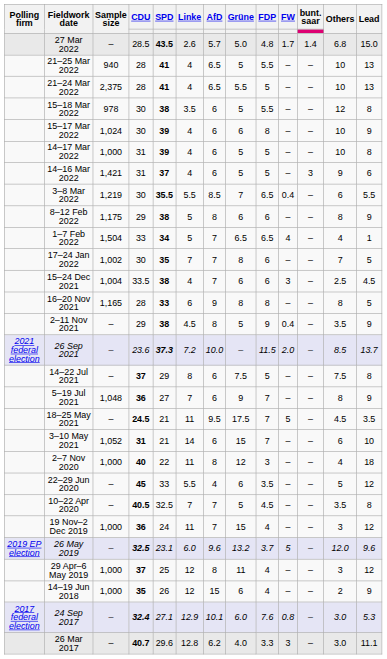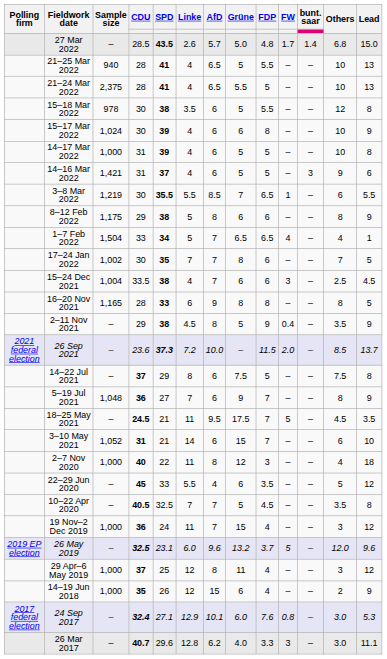 <table class="wikitable sortable" style="text-align:center;font-size:90%;line-height:14px;">
 <tr style="height:40px;">
 <th style="width:160px;" rowspan="2">Polling firm</th>
 <th style="width:125px;" rowspan="2">Fieldwork date</th>
 <th style="width:35px;" rowspan="2">Sample<br>size</th>
 <th class="unsortable" style="width:40px;"><a href='#'>CDU</a></th>
 <th class="unsortable" style="width:40px;"><a href='#'>SPD</a></th>
 <th class="unsortable" style="width:40px;"><a href='#'>Linke</a></th>
 <th class="unsortable" style="width:40px;"><a href='#'>AfD</a></th>
 <th class="unsortable" style="width:40px;"><a href='#'>Grüne</a></th>
 <th class="unsortable" style="width:40px;"><a href='#'>FDP</a></th>
 <th class="unsortable" style="width:40px;"><a href='#'>FW</a></th>
 <th class="unsortable" style="width:40px;">bunt.<br>saar</th>
 <th class="unsortable" style="width:40px;" rowspan="2">Others</th>
 <th style="width:30px;" rowspan="2">Lead</th>
 </tr>
 <tr>
 <th style="background:"></th>
 <th style="background:"></th>
 <th style="background:"></th>
 <th style="background:"></th>
 <th style="background:"></th>
 <th style="background:"></th>
 <th style="background:"></th>
 <th style="background:#dd0072;"></th>
 </tr>
 <tr style="background:#E9E9E9;">
 <td></td>
 <td data-sort-value="2022-03-27">27 Mar 2022</td>
 <td>–</td>
 <td>28.5</td>
 <td><strong>43.5</strong></td>
 <td>2.6</td>
 <td>5.7</td>
 <td>5.0</td>
 <td>4.8</td>
 <td>1.7</td>
 <td>1.4</td>
 <td>6.8</td>
 <td style="background:">15.0</td>
 </tr>
 <tr>
 <td></td>
 <td data-sort-value="2022-03-25">21–25 Mar 2022</td>
 <td>940</td>
 <td>28</td>
 <td><strong>41</strong></td>
 <td>4</td>
 <td>6.5</td>
 <td>5</td>
 <td>5.5</td>
 <td>–</td>
 <td>–</td>
 <td>10</td>
 <td style="background:">13</td>
 </tr>
 <tr>
 <td></td>
 <td data-sort-value="2022-03-24">21–24 Mar 2022</td>
 <td>2,375</td>
 <td>28</td>
 <td><strong>41</strong></td>
 <td>4</td>
 <td>6.5</td>
 <td>5.5</td>
 <td>5</td>
 <td>–</td>
 <td>–</td>
 <td>10</td>
 <td style="background:">13</td>
 </tr>
 <tr>
 <td></td>
 <td data-sort-value="2022-03-18">15–18 Mar 2022</td>
 <td>978</td>
 <td>30</td>
 <td><strong>38</strong></td>
 <td>3.5</td>
 <td>6</td>
 <td>5</td>
 <td>5.5</td>
 <td>–</td>
 <td>–</td>
 <td>12</td>
 <td style="background:">8</td>
 </tr>
 <tr>
 <td></td>
 <td data-sort-value="2022-03-17">15–17 Mar 2022</td>
 <td>1,024</td>
 <td>30</td>
 <td><strong>39</strong></td>
 <td>4</td>
 <td>6</td>
 <td>6</td>
 <td>8</td>
 <td>–</td>
 <td>–</td>
 <td>10</td>
 <td style="background:">9</td>
 </tr>
 <tr>
 <td></td>
 <td data-sort-value="2022-03-17">14–17 Mar 2022</td>
 <td>1,000</td>
 <td>31</td>
 <td><strong>39</strong></td>
 <td>4</td>
 <td>6</td>
 <td>5</td>
 <td>5</td>
 <td>–</td>
 <td>–</td>
 <td>10</td>
 <td style="background:">8</td>
 </tr>
 <tr>
 <td></td>
 <td data-sort-value="2022-03-16">14–16 Mar 2022</td>
 <td>1,421</td>
 <td>31</td>
 <td><strong>37</strong></td>
 <td>4</td>
 <td>6</td>
 <td>5</td>
 <td>5</td>
 <td>–</td>
 <td>3</td>
 <td>9</td>
 <td style="background:">6</td>
 </tr>
 <tr>
 <td></td>
 <td data-sort-value="2022-03-08">3–8 Mar 2022</td>
 <td>1,219</td>
 <td>30</td>
 <td><strong>35.5</strong></td>
 <td>5.5</td>
 <td>8.5</td>
 <td>7</td>
 <td>6.5</td>
-<td>0.4</td>
+<td>1</td>
 <td>–</td>
 <td>6</td>
 <td style="background:">5.5</td>
 </tr>
 <tr>
 <td></td>
 <td data-sort-value="2022-02-12">8–12 Feb 2022</td>
 <td>1,175</td>
 <td>29</td>
 <td><strong>38</strong></td>
 <td>5</td>
 <td>8</td>
 <td>6</td>
 <td>6</td>
 <td>–</td>
 <td>–</td>
 <td>8</td>
 <td style="background:">9</td>
 </tr>
 <tr>
 <td></td>
 <td data-sort-value="2022-02-07">1–7 Feb 2022</td>
 <td>1,504</td>
 <td>33</td>
 <td><strong>34</strong></td>
 <td>5</td>
 <td>7</td>
 <td>6.5</td>
 <td>6.5</td>
 <td>4</td>
 <td>–</td>
 <td>4</td>
 <td style="background:">1</td>
 </tr>
 <tr>
 <td></td>
 <td data-sort-value="2022-01-24">17–24 Jan 2022</td>
 <td>1,002</td>
 <td>30</td>
 <td><strong>35</strong></td>
 <td>7</td>
 <td>7</td>
 <td>8</td>
 <td>6</td>
 <td>–</td>
 <td>–</td>
 <td>7</td>
 <td style="background:">5</td>
 </tr>
 <tr>
 <td></td>
 <td data-sort-value="2021-12-24">15–24 Dec 2021</td>
 <td>1,004</td>
 <td>33.5</td>
 <td><strong>38</strong></td>
 <td>4</td>
 <td>7</td>
 <td>6</td>
 <td>6</td>
 <td>3</td>
 <td>–</td>
 <td>2.5</td>
 <td style="background:">4.5</td>
 </tr>
 <tr>
 <td></td>
 <td data-sort-value="2021-11-20">16–20 Nov 2021</td>
 <td>1,165</td>
 <td>28</td>
 <td><strong>33</strong></td>
 <td>6</td>
 <td>9</td>
 <td>8</td>
 <td>8</td>
 <td>–</td>
 <td>–</td>
 <td>8</td>
 <td style="background:">5</td>
 </tr>
 <tr>
 <td></td>
 <td data-sort-value="2021-11-11">2–11 Nov 2021</td>
 <td>–</td>
 <td>29</td>
 <td><strong>38</strong></td>
 <td>4.5</td>
 <td>8</td>
 <td>5</td>
 <td>9</td>
 <td>0.4</td>
 <td>–</td>
 <td>3.5</td>
 <td style="background:">9</td>
 </tr>
 <tr style="background:#E5E5F5;font-style:italic;">
 <td><a href='#'>2021 federal election</a></td>
 <td data-sort-value="2021-09-26">26 Sep 2021</td>
 <td>–</td>
 <td>23.6</td>
 <td><strong>37.3</strong></td>
 <td>7.2</td>
 <td>10.0</td>
 <td>–</td>
 <td>11.5</td>
 <td>2.0</td>
 <td>–</td>
 <td>8.5</td>
 <td style="background:">13.7</td>
 </tr>
 <tr>
 <td></td>
 <td data-sort-value="2021-07-22">14–22 Jul 2021</td>
 <td>–</td>
 <td><strong>37</strong></td>
 <td>29</td>
 <td>8</td>
 <td>6</td>
 <td>7.5</td>
 <td>5</td>
 <td>–</td>
 <td>–</td>
 <td>7.5</td>
 <td style="background:">8</td>
 </tr>
 <tr>
 <td></td>
 <td data-sort-value="2021-07-21">5–19 Jul 2021</td>
 <td>1,048</td>
 <td><strong>36</strong></td>
 <td>27</td>
 <td>7</td>
 <td>6</td>
 <td>9</td>
 <td>7</td>
 <td>–</td>
 <td>–</td>
 <td>8</td>
 <td style="background:">9</td>
 </tr>
 <tr>
 <td></td>
 <td data-sort-value="2021-05-25">18–25 May 2021</td>
 <td>–</td>
 <td><strong>24.5</strong></td>
 <td>21</td>
 <td>11</td>
 <td>9.5</td>
 <td>17.5</td>
 <td>7</td>
 <td>5</td>
 <td>–</td>
 <td>4.5</td>
 <td style="background:">3.5</td>
 </tr>
 <tr>
 <td></td>
 <td data-sort-value="2021-05-11">3–10 May 2021</td>
 <td>1,052</td>
 <td><strong>31</strong></td>
 <td>21</td>
 <td>14</td>
 <td>6</td>
 <td>15</td>
 <td>7</td>
 <td>–</td>
 <td>–</td>
 <td>6</td>
 <td style="background:">10</td>
 </tr>
 <tr>
 <td></td>
 <td data-sort-value="2020-11-11">2–7 Nov 2020</td>
 <td>1,000</td>
 <td><strong>40</strong></td>
 <td>22</td>
 <td>11</td>
 <td>8</td>
 <td>12</td>
 <td>3</td>
 <td>–</td>
 <td>–</td>
 <td>4</td>
 <td style="background:">18</td>
 </tr>
 <tr>
 <td></td>
 <td data-sort-value="2020-06-29">22–29 Jun 2020</td>
 <td>–</td>
 <td><strong>45</strong></td>
 <td>33</td>
 <td>5.5</td>
 <td>4</td>
 <td>6</td>
 <td>3.5</td>
 <td>–</td>
 <td>–</td>
 <td>5</td>
 <td style="background:">12</td>
 </tr>
 <tr>
 <td></td>
 <td data-sort-value="2020-04-22">10–22 Apr 2020</td>
 <td>–</td>
 <td><strong>40.5</strong></td>
 <td>32.5</td>
 <td>7</td>
 <td>7</td>
 <td>5</td>
 <td>4.5</td>
 <td>–</td>
 <td>–</td>
 <td>3.5</td>
 <td style="background:">8</td>
 </tr>
 <tr>
 <td></td>
 <td data-sort-value="2019-12-10">19 Nov–2 Dec 2019</td>
 <td>1,000</td>
 <td><strong>36</strong></td>
 <td>24</td>
 <td>11</td>
 <td>7</td>
 <td>15</td>
 <td>4</td>
 <td>–</td>
 <td>–</td>
 <td>3</td>
 <td style="background:">12</td>
 </tr>
 <tr style="background:#E5E5F5;font-style:italic;">
 <td><a href='#'>2019 EP election</a></td>
 <td data-sort-value="2019-05-26">26 May 2019</td>
 <td>–</td>
 <td><strong>32.5</strong></td>
 <td>23.1</td>
 <td>6.0</td>
 <td>9.6</td>
 <td>13.2</td>
 <td>3.7</td>
 <td>5</td>
 <td>–</td>
 <td>12.0</td>
 <td style="background:">9.6</td>
 </tr>
 <tr>
 <td></td>
 <td data-sort-value="2019-05-08">29 Apr–6 May 2019</td>
 <td>1,000</td>
 <td><strong>37</strong></td>
 <td>25</td>
 <td>12</td>
 <td>8</td>
 <td>11</td>
 <td>4</td>
 <td>–</td>
 <td>–</td>
 <td>3</td>
 <td style="background:">12</td>
 </tr>
 <tr>
 <td></td>
 <td data-sort-value="2018-06-21">14–19 Jun 2018</td>
 <td>1,000</td>
 <td><strong>35</strong></td>
 <td>26</td>
 <td>12</td>
 <td>15</td>
 <td>6</td>
 <td>4</td>
 <td>–</td>
 <td>–</td>
 <td>2</td>
 <td style="background:">9</td>
 </tr>
 <tr style="background:#E5E5F5;font-style:italic;">
 <td><a href='#'>2017 federal election</a></td>
 <td data-sort-value="2017-09-24">24 Sep 2017</td>
 <td>–</td>
 <td><strong>32.4</strong></td>
 <td>27.1</td>
 <td>12.9</td>
 <td>10.1</td>
 <td>6.0</td>
 <td>7.6</td>
 <td>0.8</td>
 <td>–</td>
 <td>3.0</td>
 <td style="background:">5.3</td>
 </tr>
 <tr style="background:#E9E9E9;">
 <td></td>
 <td data-sort-value="2017-03-26">26 Mar 2017</td>
 <td>–</td>
 <td><strong>40.7</strong></td>
 <td>29.6</td>
 <td>12.8</td>
 <td>6.2</td>
 <td>4.0</td>
 <td>3.3</td>
 <td>3</td>
 <td>–</td>
 <td>3.0</td>
 <td style="background:">11.1</td>
 </tr>
 </table>
